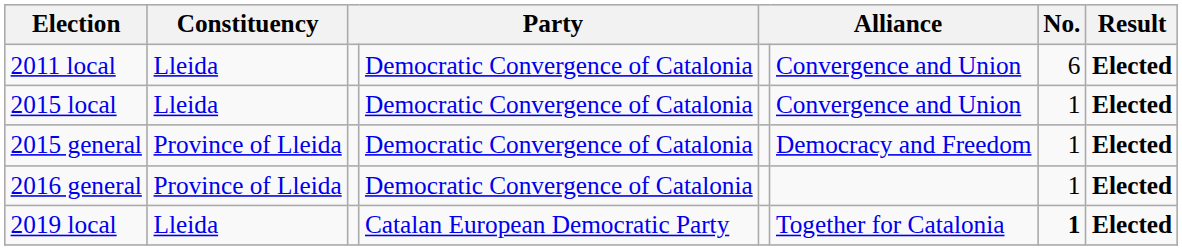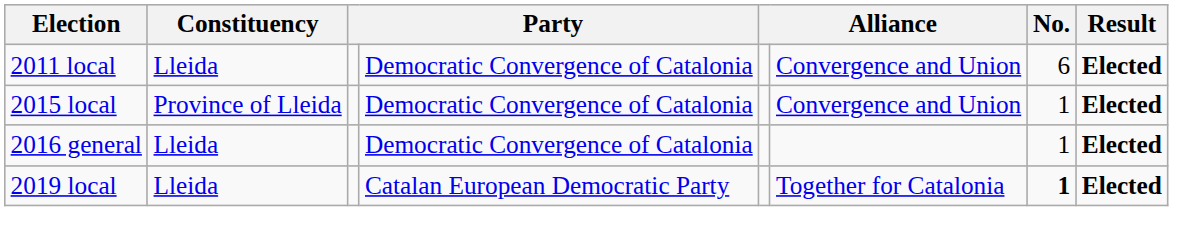 <table class="wikitable" style="text-align:left;">
 <tr>
 <th scope=col>Election</th>
 <th scope=col>Constituency</th>
 <th scope=col colspan="2">Party</th>
 <th scope=col colspan="2">Alliance</th>
 <th scope=col>No.</th>
 <th scope=col>Result</th>
 </tr>
 <tr>
 <td><a href='#'>2011 local</a></td>
 <td><a href='#'>Lleida</a></td>
 <td style="background:"></td>
 <td><a href='#'>Democratic Convergence of Catalonia</a></td>
 <td style="background:"></td>
 <td><a href='#'>Convergence and Union</a></td>
 <td align=right>6</td>
 <td><strong>Elected</strong></td>
 </tr>
 <tr>
 <td><a href='#'>2015 local</a></td>
-<td><a href='#'>Lleida</a></td>
+<td><a href='#'>Province of Lleida</a></td>
 <td style="background:"></td>
 <td><a href='#'>Democratic Convergence of Catalonia</a></td>
 <td style="background:"></td>
 <td><a href='#'>Convergence and Union</a></td>
 <td align=right>1</td>
 <td><strong>Elected</strong></td>
 </tr>
 <tr>
-<td><a href='#'>2015 general</a></td>
-<td><a href='#'>Province of Lleida</a></td>
-<td style="background:"></td>
-<td><a href='#'>Democratic Convergence of Catalonia</a></td>
-<td style="background:"></td>
-<td><a href='#'>Democracy and Freedom</a></td>
-<td align=right>1</td>
-<td><strong>Elected</strong></td>
-</tr>
-<tr>
 <td><a href='#'>2016 general</a></td>
-<td><a href='#'>Province of Lleida</a></td>
+<td><a href='#'>Lleida</a></td>
 <td style="background:"></td>
 <td><a href='#'>Democratic Convergence of Catalonia</a></td>
 <td></td>
 <td></td>
 <td align=right>1</td>
 <td><strong>Elected</strong></td>
 </tr>
 <tr>
 <td><a href='#'>2019 local</a></td>
 <td><a href='#'>Lleida</a></td>
 <td style="background:"></td>
 <td><a href='#'>Catalan European Democratic Party</a></td>
 <td style="background:"></td>
 <td><a href='#'>Together for Catalonia</a></td>
 <td align=right><strong>1</strong></td>
 <td><strong>Elected</strong></td>
 </tr>
 </table>
